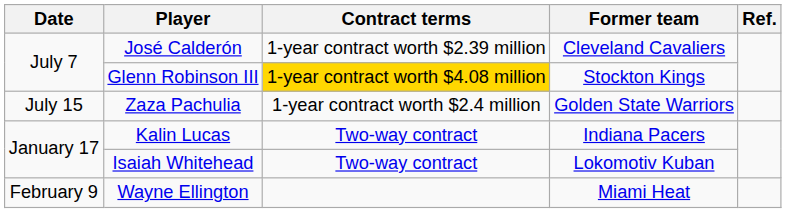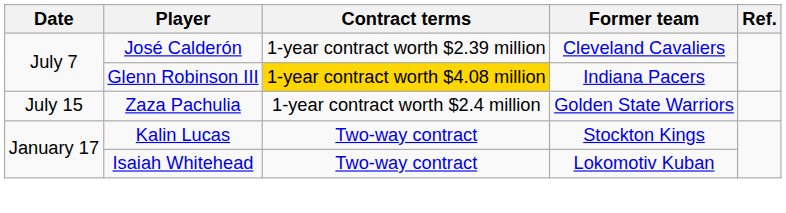 <table class="wikitable sortable sortable" style="text-align: center">
 <tr>
 <th>Date</th>
 <th>Player</th>
 <th>Contract terms</th>
 <th>Former team</th>
 <th>Ref.</th>
 </tr>
 <tr style="text-align: center">
 <td rowspan="2">July 7</td>
 <td><a href='#'>José Calderón</a></td>
 <td>1-year contract worth $2.39 million</td>
 <td><a href='#'>Cleveland Cavaliers</a></td>
 <td rowspan="2"></td>
 </tr>
 <tr style="text-align: center">
 <td><a href='#'>Glenn Robinson III</a></td>
 <td style="background: gold;">1-year contract worth $4.08 million</td>
-<td><a href='#'>Stockton Kings</a></td>
+<td><a href='#'>Indiana Pacers</a></td>
 </tr>
 <tr style="text-align: center">
 <td>July 15</td>
 <td><a href='#'>Zaza Pachulia</a></td>
 <td>1-year contract worth $2.4 million</td>
 <td><a href='#'>Golden State Warriors</a></td>
 <td></td>
 </tr>
 <tr style="text-align: center">
 <td rowspan="2">January 17</td>
 <td><a href='#'>Kalin Lucas</a></td>
 <td><a href='#'>Two-way contract</a></td>
-<td><a href='#'>Indiana Pacers</a></td>
+<td><a href='#'>Stockton Kings</a></td>
 <td rowspan="2"></td>
 </tr>
 <tr style="text-align: center">
 <td><a href='#'>Isaiah Whitehead</a></td>
 <td><a href='#'>Two-way contract</a></td>
 <td> <a href='#'>Lokomotiv Kuban</a></td>
 </tr>
-<tr style="text-align: center">
-<td>February 9</td>
-<td><a href='#'>Wayne Ellington</a></td>
-<td></td>
-<td><a href='#'>Miami Heat</a></td>
-<td></td>
-</tr>
 </table>
